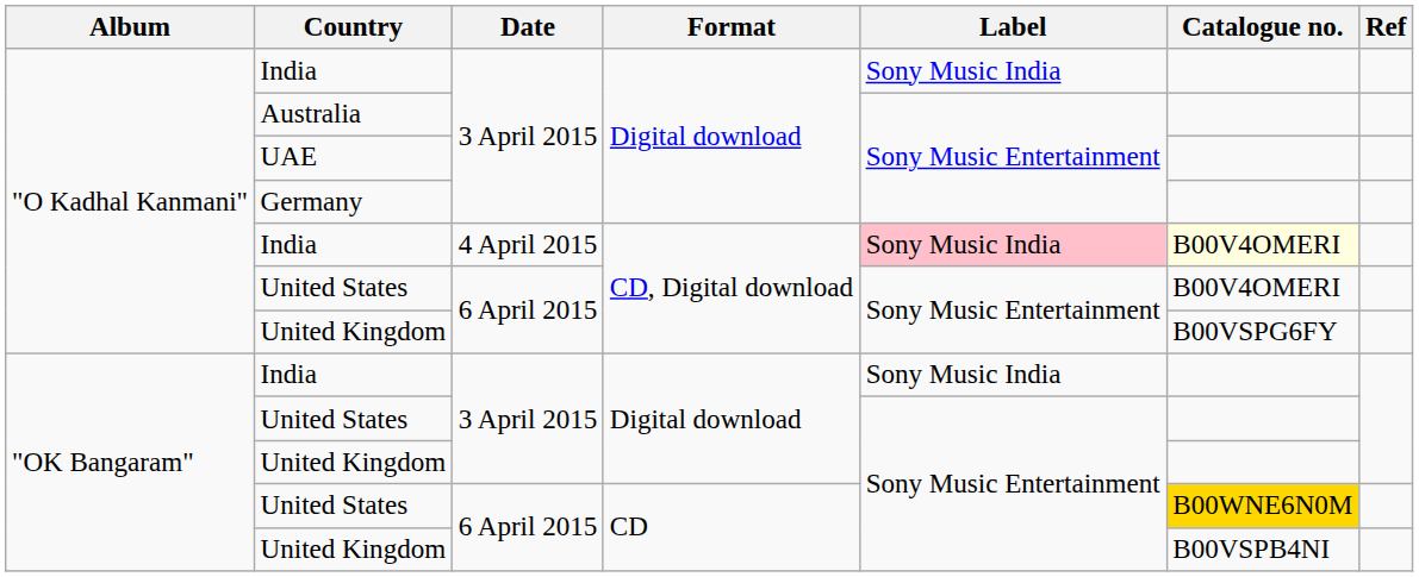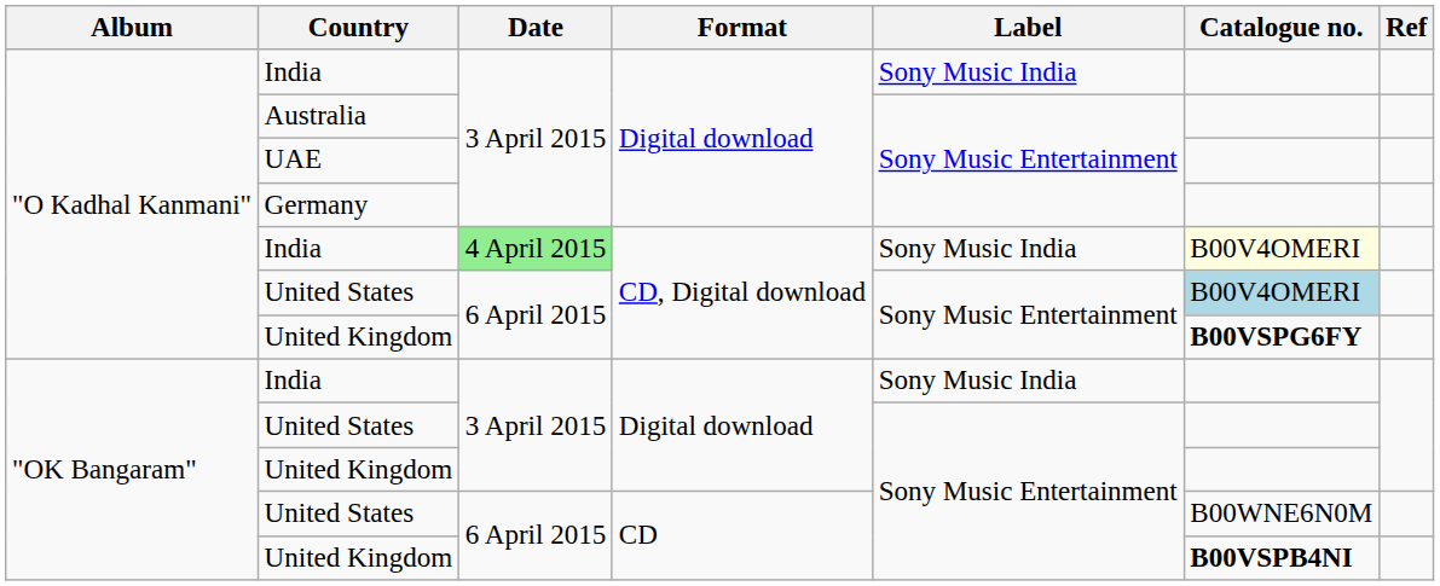 <table class="wikitable plainrowheaders">
 <tr>
 <th>Album</th>
 <th>Country</th>
 <th>Date</th>
 <th>Format</th>
 <th>Label</th>
 <th>Catalogue no.</th>
 <th>Ref</th>
 </tr>
 <tr>
 <td rowspan="7">"O Kadhal Kanmani"</td>
 <td>India</td>
 <td rowspan="4">3 April 2015</td>
 <td rowspan="4"><a href='#'>Digital download</a></td>
 <td><a href='#'>Sony Music India</a></td>
 <td></td>
 <td></td>
 </tr>
 <tr>
 <td>Australia</td>
 <td rowspan="3"><a href='#'>Sony Music Entertainment</a></td>
 <td></td>
 <td></td>
 </tr>
 <tr>
 <td>UAE</td>
 <td></td>
 <td></td>
 </tr>
 <tr>
 <td>Germany</td>
 <td></td>
 <td></td>
 </tr>
 <tr>
 <td>India</td>
-<td>4 April 2015</td>
+<td style="background: lightgreen;">4 April 2015</td>
 <td rowspan="3"><a href='#'>CD</a>, Digital download</td>
-<td style="background: pink;">Sony Music India</td>
+<td>Sony Music India</td>
 <td style="background: lightyellow;">B00V4OMERI</td>
 <td></td>
 </tr>
 <tr>
 <td>United States</td>
 <td rowspan="2">6 April 2015</td>
 <td rowspan="2">Sony Music Entertainment</td>
-<td>B00V4OMERI</td>
+<td style="background: lightblue;">B00V4OMERI</td>
 <td></td>
 </tr>
 <tr>
 <td>United Kingdom</td>
-<td>B00VSPG6FY</td>
+<td><strong>B00VSPG6FY</strong></td>
 <td></td>
 </tr>
 <tr>
 <td rowspan="5">"OK Bangaram"</td>
 <td>India</td>
 <td rowspan="3">3 April 2015</td>
 <td rowspan="3">Digital download</td>
 <td>Sony Music India</td>
 <td></td>
 <td rowspan="3"></td>
 </tr>
 <tr>
 <td>United States</td>
 <td rowspan="4">Sony Music Entertainment</td>
 <td></td>
 </tr>
 <tr>
 <td>United Kingdom</td>
 <td></td>
 </tr>
 <tr>
 <td>United States</td>
 <td rowspan="2">6 April 2015</td>
 <td rowspan="2">CD</td>
-<td style="background: gold;">B00WNE6N0M</td>
+<td>B00WNE6N0M</td>
 <td></td>
 </tr>
 <tr>
 <td>United Kingdom</td>
-<td>B00VSPB4NI</td>
+<td><strong>B00VSPB4NI</strong></td>
 <td></td>
 </tr>
 </table>
